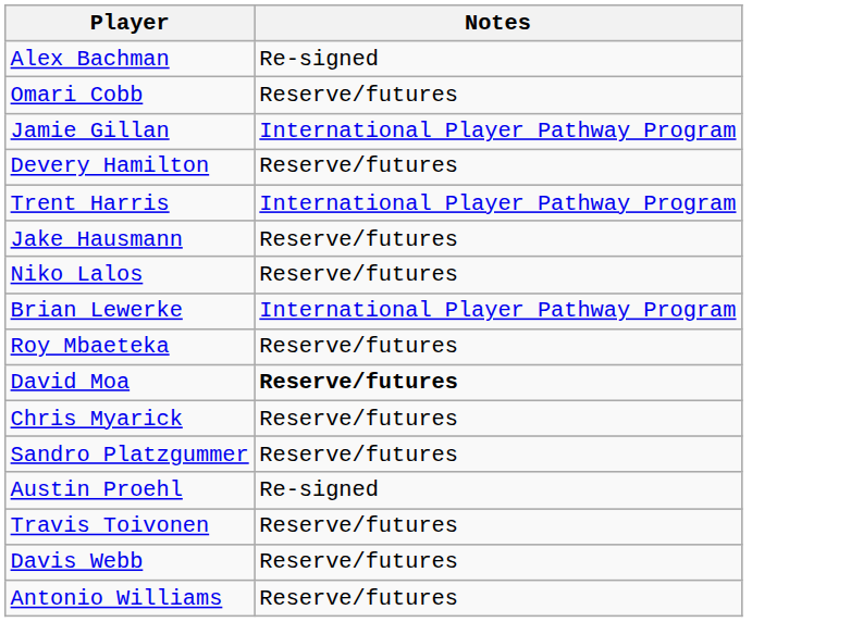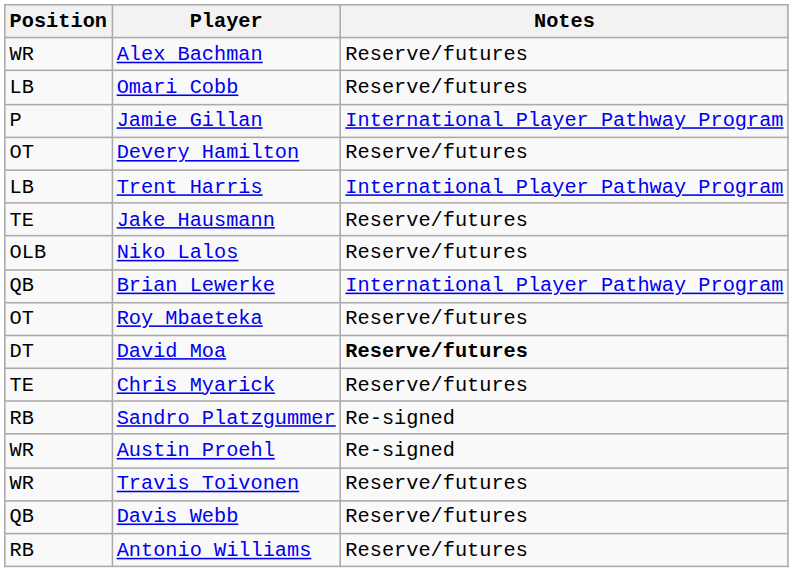 <table class="wikitable">
 <tr>
+<th>Position</th>
 <th>Player</th>
 <th>Notes</th>
 </tr>
 <tr>
+<td>WR</td>
 <td><a href='#'>Alex Bachman</a></td>
-<td>Re-signed</td>
+<td>Reserve/futures</td>
 </tr>
 <tr>
+<td>LB</td>
 <td><a href='#'>Omari Cobb</a></td>
 <td>Reserve/futures</td>
 </tr>
 <tr>
+<td>P</td>
 <td><a href='#'>Jamie Gillan</a></td>
 <td><a href='#'>International Player Pathway Program</a></td>
 </tr>
 <tr>
+<td>OT</td>
 <td><a href='#'>Devery Hamilton</a></td>
 <td>Reserve/futures</td>
 </tr>
 <tr>
+<td>LB</td>
 <td><a href='#'>Trent Harris</a></td>
 <td><a href='#'>International Player Pathway Program</a></td>
 </tr>
 <tr>
+<td>TE</td>
 <td><a href='#'>Jake Hausmann</a></td>
 <td>Reserve/futures</td>
 </tr>
 <tr>
+<td>OLB</td>
 <td><a href='#'>Niko Lalos</a></td>
 <td>Reserve/futures</td>
 </tr>
 <tr>
+<td>QB</td>
 <td><a href='#'>Brian Lewerke</a></td>
 <td><a href='#'>International Player Pathway Program</a></td>
 </tr>
 <tr>
+<td>OT</td>
 <td><a href='#'>Roy Mbaeteka</a></td>
 <td>Reserve/futures</td>
 </tr>
 <tr>
+<td>DT</td>
 <td><a href='#'>David Moa</a></td>
 <td><strong>Reserve/futures</strong></td>
 </tr>
 <tr>
+<td>TE</td>
 <td><a href='#'>Chris Myarick</a></td>
 <td>Reserve/futures</td>
 </tr>
 <tr>
+<td>RB</td>
 <td><a href='#'>Sandro Platzgummer</a></td>
-<td>Reserve/futures</td>
+<td>Re-signed</td>
 </tr>
 <tr>
+<td>WR</td>
 <td><a href='#'>Austin Proehl</a></td>
 <td>Re-signed</td>
 </tr>
 <tr>
+<td>WR</td>
 <td><a href='#'>Travis Toivonen</a></td>
 <td>Reserve/futures</td>
 </tr>
 <tr>
+<td>QB</td>
 <td><a href='#'>Davis Webb</a></td>
 <td>Reserve/futures</td>
 </tr>
 <tr>
+<td>RB</td>
 <td><a href='#'>Antonio Williams</a></td>
 <td>Reserve/futures</td>
 </tr>
 </table>
